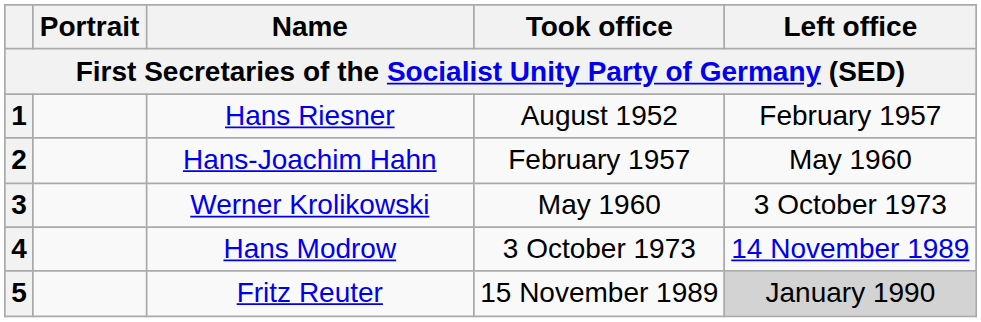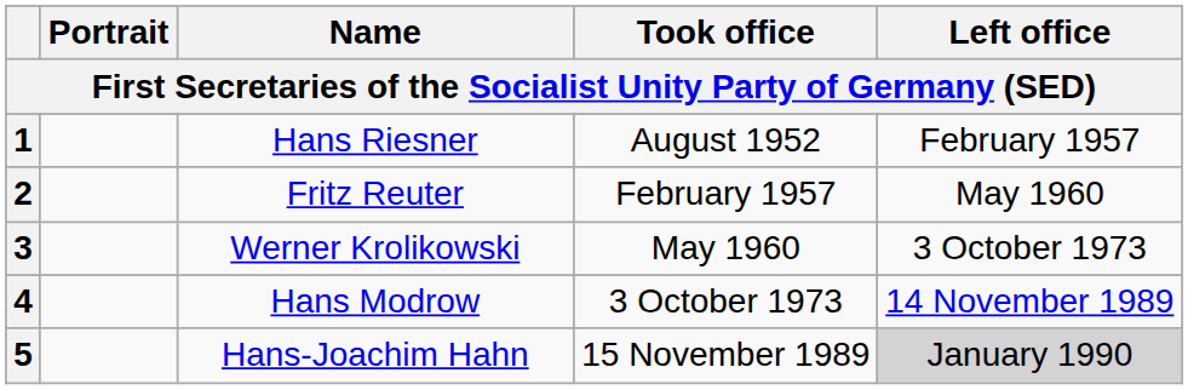 <table class="wikitable" style="text-align:center">
 <tr>
 <th></th>
 <th>Portrait</th>
 <th width=180>Name<br></th>
 <th>Took office</th>
 <th>Left office</th>
 </tr>
 <tr>
 <th colspan=5>First Secretaries of the <a href='#'>Socialist Unity Party of Germany</a> (SED)</th>
 </tr>
 <tr>
 <th style="background:">1</th>
 <td></td>
 <td><a href='#'>Hans Riesner</a><br></td>
 <td>August 1952</td>
 <td>February 1957</td>
 </tr>
 <tr>
 <th style="background:">2</th>
 <td></td>
-<td><a href='#'>Hans-Joachim Hahn</a><br></td>
+<td><a href='#'>Fritz Reuter</a><br></td>
 <td>February 1957</td>
 <td>May 1960</td>
 </tr>
 <tr>
 <th style="background:">3</th>
 <td></td>
 <td><a href='#'>Werner Krolikowski</a><br></td>
 <td>May 1960</td>
 <td>3 October 1973<br></td>
 </tr>
 <tr>
 <th style="background:">4</th>
 <td></td>
 <td><a href='#'>Hans Modrow</a><br></td>
 <td>3 October 1973</td>
 <td><a href='#'>14 November 1989<br></a></td>
 </tr>
 <tr>
 <th style="background:">5</th>
 <td></td>
-<td><a href='#'>Fritz Reuter</a><br></td>
+<td><a href='#'>Hans-Joachim Hahn</a><br></td>
 <td>15 November 1989</td>
 <td style="background: lightgrey;">January 1990</td>
 </tr>
 </table>
